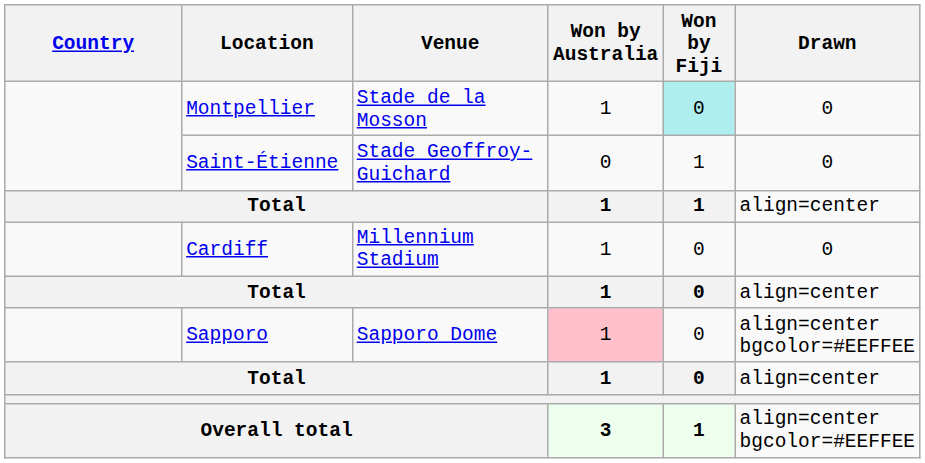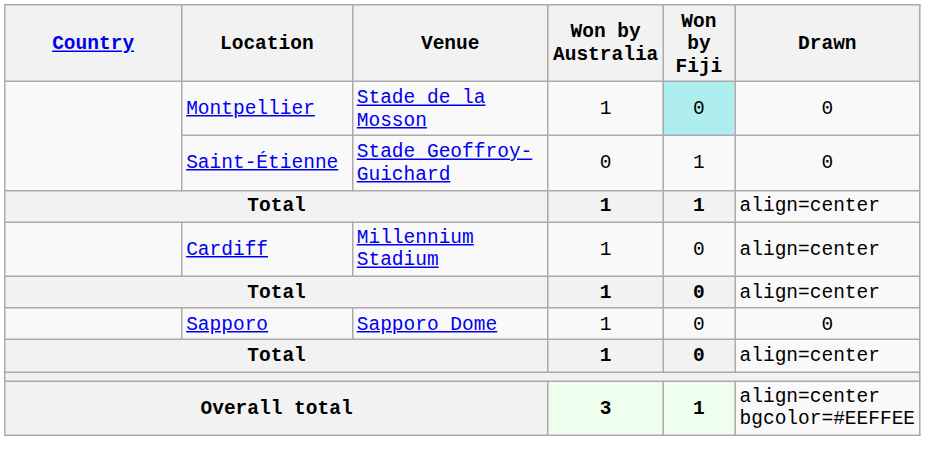 <table class="wikitable">
 <tr>
 <th width=210px><a href='#'>Country</a></th>
 <th width=145px>Location</th>
 <th width=205px>Venue</th>
 <th width=60px>Won by<br>Australia</th>
 <th width=60px>Won by<br>Fiji</th>
 <th width=60px>Drawn</th>
 </tr>
 <tr>
 <td rowspan=2></td>
 <td><a href='#'>Montpellier</a></td>
 <td><a href='#'>Stade de la Mosson</a></td>
 <td align=center>1</td>
 <td align=center style="background: paleturquoise;">0</td>
 <td align=center>0</td>
 </tr>
 <tr>
 <td><a href='#'>Saint-Étienne</a></td>
 <td><a href='#'>Stade Geoffroy-Guichard</a></td>
 <td align=center>0</td>
 <td align=center>1</td>
 <td align=center>0</td>
 </tr>
 <tr>
 <th align=center colspan=3>Total</th>
 <th align=center>1</th>
 <th align=center>1</th>
 <td>align=center </td>
 </tr>
 <tr>
 <td></td>
 <td><a href='#'>Cardiff</a></td>
 <td><a href='#'>Millennium Stadium</a></td>
 <td align=center>1</td>
 <td align=center>0</td>
-<td align=center>0</td>
+<td>align=center </td>
 </tr>
 <tr>
 <th align=center colspan=3>Total</th>
 <th align=center>1</th>
 <th align=center>0</th>
 <td>align=center </td>
 </tr>
 <tr>
 <td></td>
 <td><a href='#'>Sapporo</a></td>
 <td><a href='#'>Sapporo Dome</a></td>
-<td align=center style="background: pink;">1</td>
+<td align=center>1</td>
 <td align=center>0</td>
-<td>align=center bgcolor=#EEFFEE </td>
+<td align=center>0</td>
 </tr>
 <tr>
 <th align=center colspan=3>Total</th>
 <th align=center>1</th>
 <th align=center>0</th>
 <td>align=center </td>
 </tr>
 <tr>
 <th colspan=6></th>
 </tr>
 <tr>
 <th align=center colspan=3>Overall total</th>
 <td align=center bgcolor=#EEFFEE><strong>3</strong></td>
 <td align=center bgcolor=#EEFFEE><strong>1</strong></td>
 <td>align=center bgcolor=#EEFFEE </td>
 </tr>
 </table>
